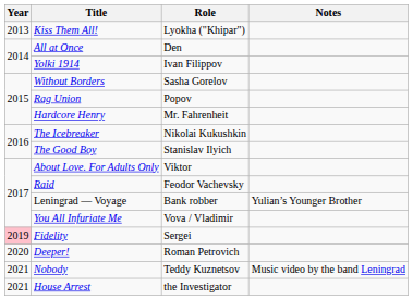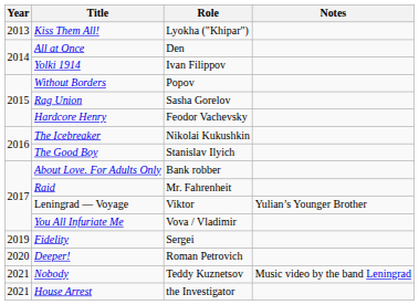 <table class="wikitable sortable">
 <tr>
 <th>Year</th>
 <th>Title</th>
 <th>Role</th>
 <th class="unsortable">Notes</th>
 </tr>
 <tr>
 <td>2013</td>
 <td><em><a href='#'>Kiss Them All!</a></em></td>
 <td>Lyokha ("Khipar")</td>
 <td></td>
 </tr>
 <tr>
 <td rowspan=2>2014</td>
 <td><em><a href='#'>All at Once</a></em></td>
 <td>Den</td>
 <td></td>
 </tr>
 <tr>
 <td><em><a href='#'>Yolki 1914</a></em></td>
 <td>Ivan Filippov</td>
 <td></td>
 </tr>
 <tr>
 <td rowspan=3>2015</td>
 <td><em><a href='#'>Without Borders</a></em></td>
+<td>Popov</td>
+<td></td>
+</tr>
+<tr>
+<td><em><a href='#'>Rag Union</a></em></td>
 <td>Sasha Gorelov</td>
 <td></td>
 </tr>
 <tr>
-<td><em><a href='#'>Rag Union</a></em></td>
-<td>Popov</td>
-<td></td>
-</tr>
-<tr>
 <td><em><a href='#'>Hardcore Henry</a></em></td>
-<td>Mr. Fahrenheit</td>
+<td>Feodor Vachevsky</td>
 <td></td>
 </tr>
 <tr>
 <td rowspan=2>2016</td>
 <td><em><a href='#'>The Icebreaker</a></em></td>
 <td>Nikolai Kukushkin</td>
 <td></td>
 </tr>
 <tr>
 <td><em><a href='#'>The Good Boy</a></em></td>
 <td>Stanislav Ilyich</td>
 <td></td>
 </tr>
 <tr>
 <td rowspan="4">2017</td>
 <td><em><a href='#'>About Love. For Adults Only</a></em></td>
-<td>Viktor</td>
+<td>Bank robber</td>
 <td></td>
 </tr>
 <tr>
 <td><em><a href='#'>Raid</a></em></td>
-<td>Feodor Vachevsky</td>
+<td>Mr. Fahrenheit</td>
 <td></td>
 </tr>
 <tr>
 <td>Leningrad — Voyage</td>
-<td>Bank robber</td>
+<td>Viktor</td>
 <td>Yulian’s Younger Brother</td>
 </tr>
 <tr>
 <td><em><a href='#'>You All Infuriate Me</a></em></td>
 <td>Vova / Vladimir</td>
 <td></td>
 </tr>
 <tr>
-<td style="background: pink;">2019</td>
+<td>2019</td>
 <td><em><a href='#'>Fidelity</a></em></td>
 <td>Sergei</td>
 <td></td>
 </tr>
 <tr>
 <td>2020</td>
 <td><em><a href='#'>Deeper!</a></em></td>
 <td>Roman Petrovich</td>
 <td></td>
 </tr>
 <tr>
 <td>2021</td>
 <td><em><a href='#'>Nobody</a></em></td>
 <td>Teddy Kuznetsov</td>
 <td>Music video by the band <a href='#'>Leningrad</a></td>
 </tr>
 <tr>
 <td>2021</td>
 <td><em><a href='#'>House Arrest</a></em></td>
 <td>the Investigator</td>
 <td></td>
 </tr>
 </table>
